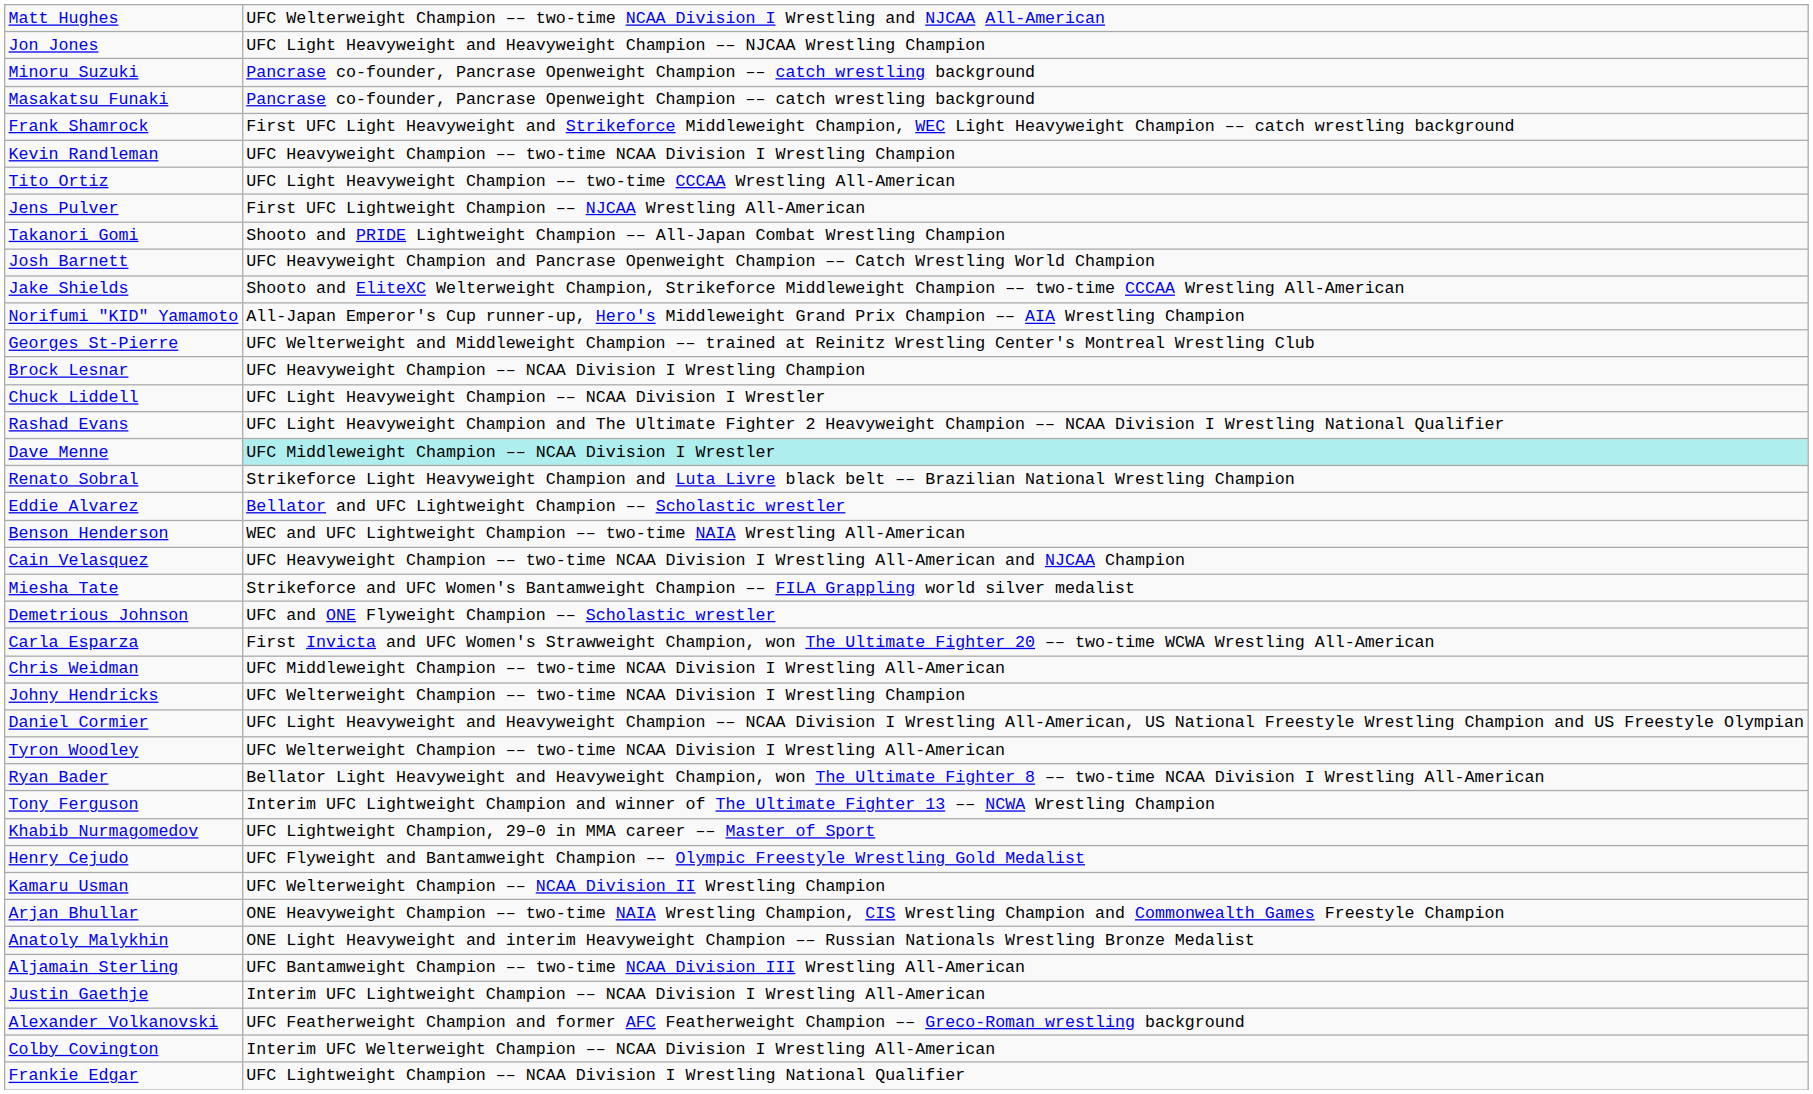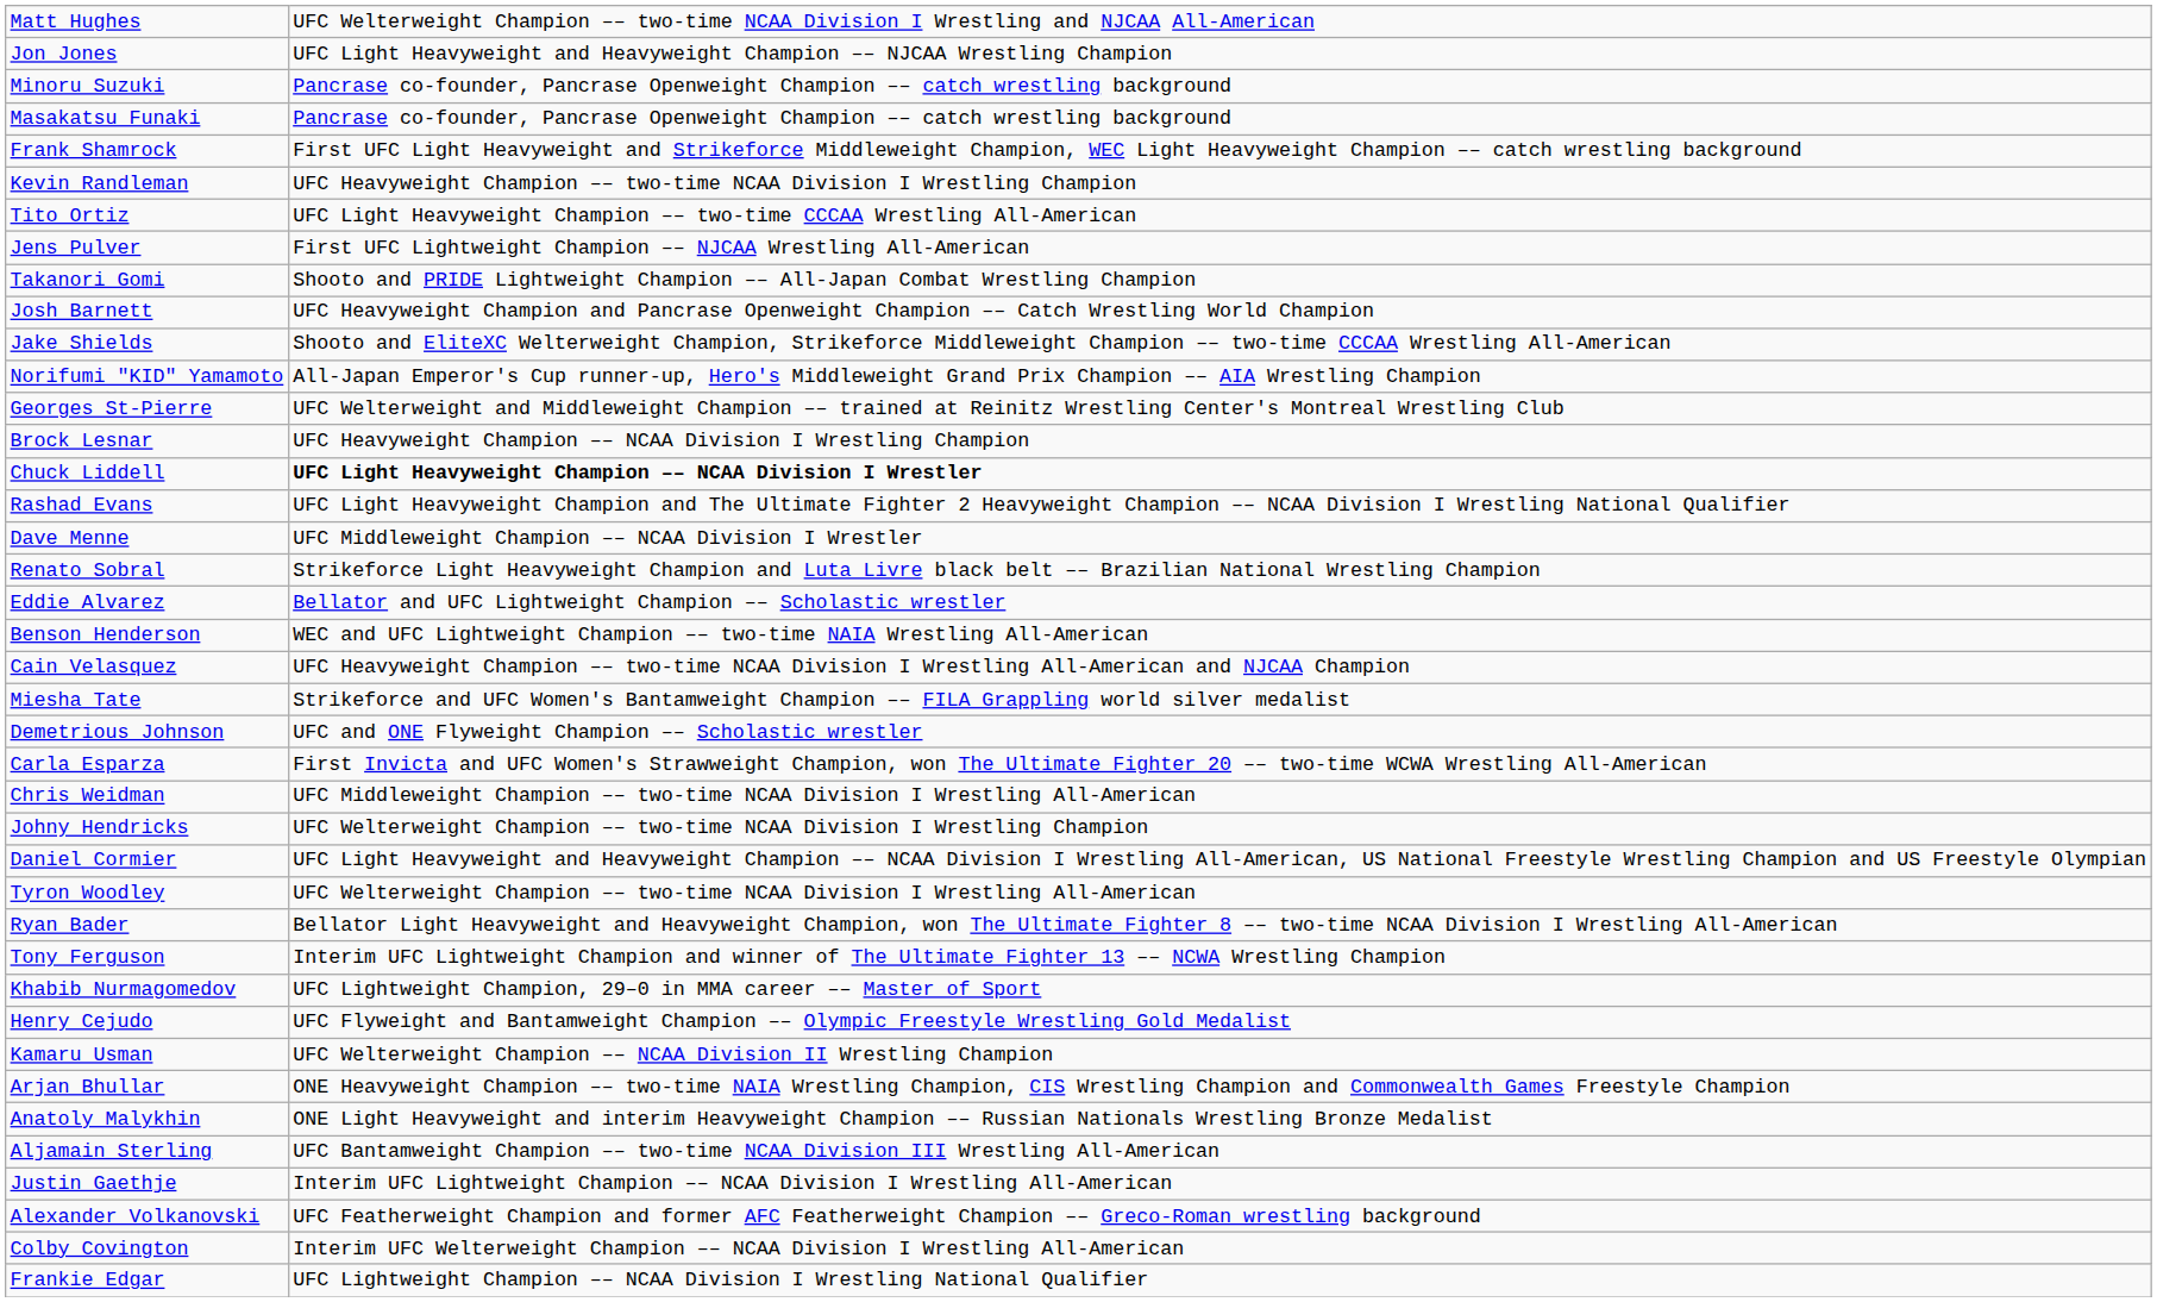 <table class="wikitable">
 <tr>
 <td><a href='#'>Matt Hughes</a></td>
 <td>UFC Welterweight Champion –– two-time <a href='#'>NCAA Division I</a> Wrestling and <a href='#'>NJCAA</a> <a href='#'>All-American</a></td>
 </tr>
 <tr>
 <td><a href='#'>Jon Jones</a></td>
 <td>UFC Light Heavyweight and Heavyweight Champion –– NJCAA Wrestling Champion</td>
 </tr>
 <tr>
 <td><a href='#'>Minoru Suzuki</a></td>
 <td><a href='#'>Pancrase</a> co-founder, Pancrase Openweight Champion –– <a href='#'>catch wrestling</a> background</td>
 </tr>
 <tr>
 <td><a href='#'>Masakatsu Funaki</a></td>
 <td><a href='#'>Pancrase</a> co-founder, Pancrase Openweight Champion –– catch wrestling background</td>
 </tr>
 <tr>
 <td><a href='#'>Frank Shamrock</a></td>
 <td>First UFC Light Heavyweight and <a href='#'>Strikeforce</a> Middleweight Champion, <a href='#'>WEC</a> Light Heavyweight Champion –– catch wrestling background</td>
 </tr>
 <tr>
 <td><a href='#'>Kevin Randleman</a></td>
 <td>UFC Heavyweight Champion –– two-time NCAA Division I Wrestling Champion</td>
 </tr>
 <tr>
 <td><a href='#'>Tito Ortiz</a></td>
 <td>UFC Light Heavyweight Champion –– two-time <a href='#'>CCCAA</a> Wrestling All-American</td>
 </tr>
 <tr>
 <td><a href='#'>Jens Pulver</a></td>
 <td>First UFC Lightweight Champion –– <a href='#'>NJCAA</a> Wrestling All-American</td>
 </tr>
 <tr>
 <td><a href='#'>Takanori Gomi</a></td>
 <td>Shooto and <a href='#'>PRIDE</a> Lightweight Champion –– All-Japan Combat Wrestling Champion</td>
 </tr>
 <tr>
 <td><a href='#'>Josh Barnett</a></td>
 <td>UFC Heavyweight Champion and Pancrase Openweight Champion –– Catch Wrestling World Champion</td>
 </tr>
 <tr>
 <td><a href='#'>Jake Shields</a></td>
 <td>Shooto and <a href='#'>EliteXC</a> Welterweight Champion, Strikeforce Middleweight Champion –– two-time <a href='#'>CCCAA</a> Wrestling All-American</td>
 </tr>
 <tr>
 <td><a href='#'>Norifumi "KID" Yamamoto</a></td>
 <td>All-Japan Emperor's Cup runner-up, <a href='#'>Hero's</a> Middleweight Grand Prix Champion –– <a href='#'>AIA</a> Wrestling Champion</td>
 </tr>
 <tr>
 <td><a href='#'>Georges St-Pierre</a></td>
 <td>UFC Welterweight and Middleweight Champion –– trained at Reinitz Wrestling Center's Montreal Wrestling Club</td>
 </tr>
 <tr>
 <td><a href='#'>Brock Lesnar</a></td>
 <td>UFC Heavyweight Champion –– NCAA Division I Wrestling Champion</td>
 </tr>
 <tr>
 <td><a href='#'>Chuck Liddell</a></td>
-<td>UFC Light Heavyweight Champion –– NCAA Division I Wrestler</td>
+<td><strong>UFC Light Heavyweight Champion –– NCAA Division I Wrestler</strong></td>
 </tr>
 <tr>
 <td><a href='#'>Rashad Evans</a></td>
 <td>UFC Light Heavyweight Champion and The Ultimate Fighter 2 Heavyweight Champion –– NCAA Division I Wrestling National Qualifier</td>
 </tr>
 <tr>
 <td><a href='#'>Dave Menne</a></td>
-<td style="background: paleturquoise;">UFC Middleweight Champion –– NCAA Division I Wrestler</td>
+<td>UFC Middleweight Champion –– NCAA Division I Wrestler</td>
 </tr>
 <tr>
 <td><a href='#'>Renato Sobral</a></td>
 <td>Strikeforce Light Heavyweight Champion and <a href='#'>Luta Livre</a> black belt –– Brazilian National Wrestling Champion</td>
 </tr>
 <tr>
 <td><a href='#'>Eddie Alvarez</a></td>
 <td><a href='#'>Bellator</a> and UFC Lightweight Champion –– <a href='#'>Scholastic wrestler</a></td>
 </tr>
 <tr>
 <td><a href='#'>Benson Henderson</a></td>
 <td>WEC and UFC Lightweight Champion –– two-time <a href='#'>NAIA</a> Wrestling All-American</td>
 </tr>
 <tr>
 <td><a href='#'>Cain Velasquez</a></td>
 <td>UFC Heavyweight Champion –– two-time NCAA Division I Wrestling All-American and <a href='#'>NJCAA</a> Champion</td>
 </tr>
 <tr>
 <td><a href='#'>Miesha Tate</a></td>
 <td>Strikeforce and UFC Women's Bantamweight Champion –– <a href='#'>FILA Grappling</a> world silver medalist</td>
 </tr>
 <tr>
 <td><a href='#'>Demetrious Johnson</a></td>
 <td>UFC and <a href='#'>ONE</a> Flyweight Champion –– <a href='#'>Scholastic wrestler</a></td>
 </tr>
 <tr>
 <td><a href='#'>Carla Esparza</a></td>
 <td>First <a href='#'>Invicta</a> and UFC Women's Strawweight Champion, won <a href='#'>The Ultimate Fighter 20</a> –– two-time WCWA Wrestling All-American</td>
 </tr>
 <tr>
 <td><a href='#'>Chris Weidman</a></td>
 <td>UFC Middleweight Champion –– two-time NCAA Division I Wrestling All-American</td>
 </tr>
 <tr>
 <td><a href='#'>Johny Hendricks</a></td>
 <td>UFC Welterweight Champion –– two-time NCAA Division I Wrestling Champion</td>
 </tr>
 <tr>
 <td><a href='#'>Daniel Cormier</a></td>
 <td>UFC Light Heavyweight and Heavyweight Champion –– NCAA Division I Wrestling All-American, US National Freestyle Wrestling Champion and US Freestyle Olympian</td>
 </tr>
 <tr>
 <td><a href='#'>Tyron Woodley</a></td>
 <td>UFC Welterweight Champion –– two-time NCAA Division I Wrestling All-American</td>
 </tr>
 <tr>
 <td><a href='#'>Ryan Bader</a></td>
 <td>Bellator Light Heavyweight and Heavyweight Champion, won <a href='#'>The Ultimate Fighter 8</a> –– two-time NCAA Division I Wrestling All-American</td>
 </tr>
 <tr>
 <td><a href='#'>Tony Ferguson</a></td>
 <td>Interim UFC Lightweight Champion and winner of <a href='#'>The Ultimate Fighter 13</a> –– <a href='#'>NCWA</a> Wrestling Champion</td>
 </tr>
 <tr>
 <td><a href='#'>Khabib Nurmagomedov</a></td>
 <td>UFC Lightweight Champion, 29–0 in MMA career –– <a href='#'>Master of Sport</a></td>
 </tr>
 <tr>
 <td><a href='#'>Henry Cejudo</a></td>
 <td>UFC Flyweight and Bantamweight Champion –– <a href='#'>Olympic Freestyle Wrestling Gold Medalist</a></td>
 </tr>
 <tr>
 <td><a href='#'>Kamaru Usman</a></td>
 <td>UFC Welterweight Champion –– <a href='#'>NCAA Division II</a> Wrestling Champion</td>
 </tr>
 <tr>
 <td><a href='#'>Arjan Bhullar</a></td>
 <td>ONE Heavyweight Champion –– two-time <a href='#'>NAIA</a> Wrestling Champion, <a href='#'>CIS</a> Wrestling Champion and <a href='#'>Commonwealth Games</a> Freestyle Champion</td>
 </tr>
 <tr>
 <td><a href='#'>Anatoly Malykhin</a></td>
 <td>ONE Light Heavyweight and interim Heavyweight Champion –– Russian Nationals Wrestling Bronze Medalist</td>
 </tr>
 <tr>
 <td><a href='#'>Aljamain Sterling</a></td>
 <td>UFC Bantamweight Champion –– two-time <a href='#'>NCAA Division III</a> Wrestling All-American</td>
 </tr>
 <tr>
 <td><a href='#'>Justin Gaethje</a></td>
 <td>Interim UFC Lightweight Champion –– NCAA Division I Wrestling All-American</td>
 </tr>
 <tr>
 <td><a href='#'>Alexander Volkanovski</a></td>
 <td>UFC Featherweight Champion and former <a href='#'>AFC</a> Featherweight Champion –– <a href='#'>Greco-Roman wrestling</a> background</td>
 </tr>
 <tr>
 <td><a href='#'>Colby Covington</a></td>
 <td>Interim UFC Welterweight Champion –– NCAA Division I Wrestling All-American</td>
 </tr>
 <tr>
 <td><a href='#'>Frankie Edgar</a></td>
 <td>UFC Lightweight Champion –– NCAA Division I Wrestling National Qualifier</td>
 </tr>
 </table>
